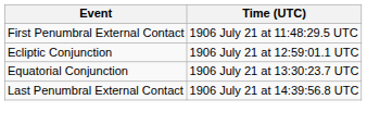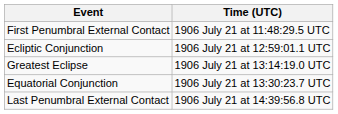 <table class="wikitable">
 <tr>
 <th>Event</th>
 <th>Time (UTC)</th>
 </tr>
 <tr>
 <td>First Penumbral External Contact</td>
 <td>1906 July 21 at 11:48:29.5 UTC</td>
 </tr>
 <tr>
 <td>Ecliptic Conjunction</td>
 <td>1906 July 21 at 12:59:01.1 UTC</td>
 </tr>
 <tr>
+<td>Greatest Eclipse</td>
+<td>1906 July 21 at 13:14:19.0 UTC</td>
+</tr>
+<tr>
 <td>Equatorial Conjunction</td>
 <td>1906 July 21 at 13:30:23.7 UTC</td>
 </tr>
 <tr>
 <td>Last Penumbral External Contact</td>
 <td>1906 July 21 at 14:39:56.8 UTC</td>
 </tr>
 </table>
